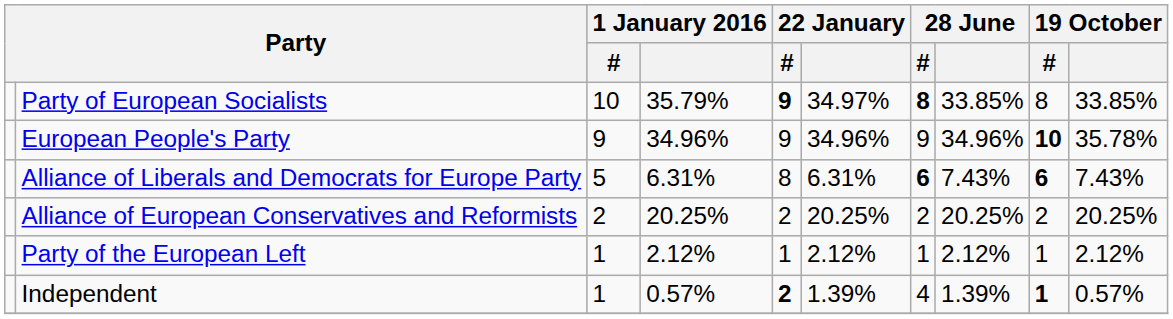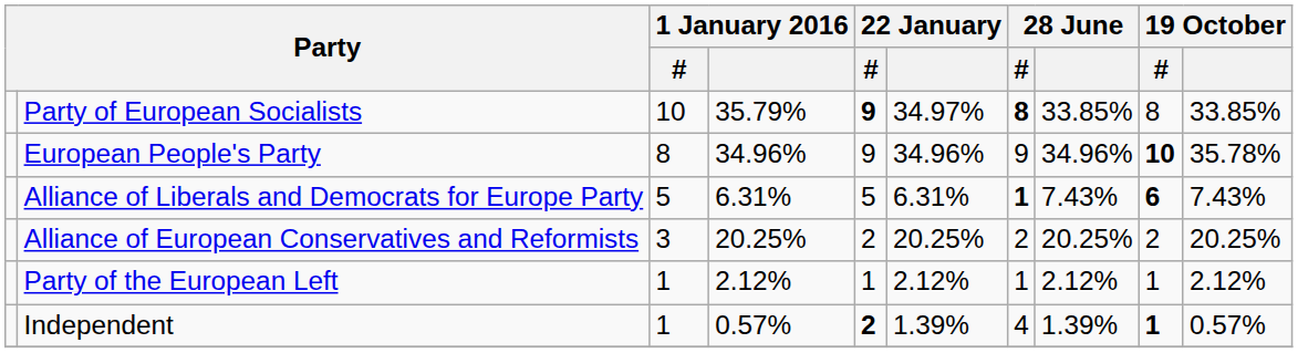 <table class="wikitable">
 <tr>
 <th rowspan=2 colspan=2>Party</th>
 <th colspan=2>1 January 2016</th>
 <th colspan=2>22 January</th>
 <th colspan=2>28 June</th>
 <th colspan=2>19 October</th>
 </tr>
 <tr>
 <th>#</th>
 <th></th>
 <th>#</th>
 <th></th>
 <th>#</th>
 <th></th>
 <th>#</th>
 <th></th>
 </tr>
 <tr>
 <td style="background-color:"></td>
 <td><a href='#'>Party of European Socialists</a></td>
 <td>10</td>
 <td>35.79%</td>
 <td><strong>9</strong></td>
 <td>34.97%</td>
 <td><strong>8</strong></td>
 <td>33.85%</td>
 <td>8</td>
 <td>33.85%</td>
 </tr>
 <tr>
 <td style="background-color:"></td>
 <td><a href='#'>European People's Party</a></td>
-<td>9</td>
+<td>8</td>
 <td>34.96%</td>
 <td>9</td>
 <td>34.96%</td>
 <td>9</td>
 <td>34.96%</td>
 <td><strong>10</strong></td>
 <td>35.78%</td>
 </tr>
 <tr>
 <td style="background-color:"></td>
 <td><a href='#'>Alliance of Liberals and Democrats for Europe Party</a></td>
 <td>5</td>
 <td>6.31%</td>
-<td>8</td>
+<td>5</td>
 <td>6.31%</td>
-<td><strong>6</strong></td>
+<td><strong>1</strong></td>
 <td>7.43%</td>
 <td><strong>6</strong></td>
 <td>7.43%</td>
 </tr>
 <tr>
 <td style="background-color:"></td>
 <td><a href='#'>Alliance of European Conservatives and Reformists</a></td>
-<td>2</td>
+<td>3</td>
 <td>20.25%</td>
 <td>2</td>
 <td>20.25%</td>
 <td>2</td>
 <td>20.25%</td>
 <td>2</td>
 <td>20.25%</td>
 </tr>
 <tr>
 <td style="background-color:"></td>
 <td><a href='#'>Party of the European Left</a></td>
 <td>1</td>
 <td>2.12%</td>
 <td>1</td>
 <td>2.12%</td>
 <td>1</td>
 <td>2.12%</td>
 <td>1</td>
 <td>2.12%</td>
 </tr>
 <tr>
 <td style="background-color:"></td>
 <td>Independent</td>
 <td>1</td>
 <td>0.57%</td>
 <td><strong>2</strong></td>
 <td>1.39%</td>
 <td>4</td>
 <td>1.39%</td>
 <td><strong>1</strong></td>
 <td>0.57%</td>
 </tr>
 <tr>
 </tr>
 </table>
